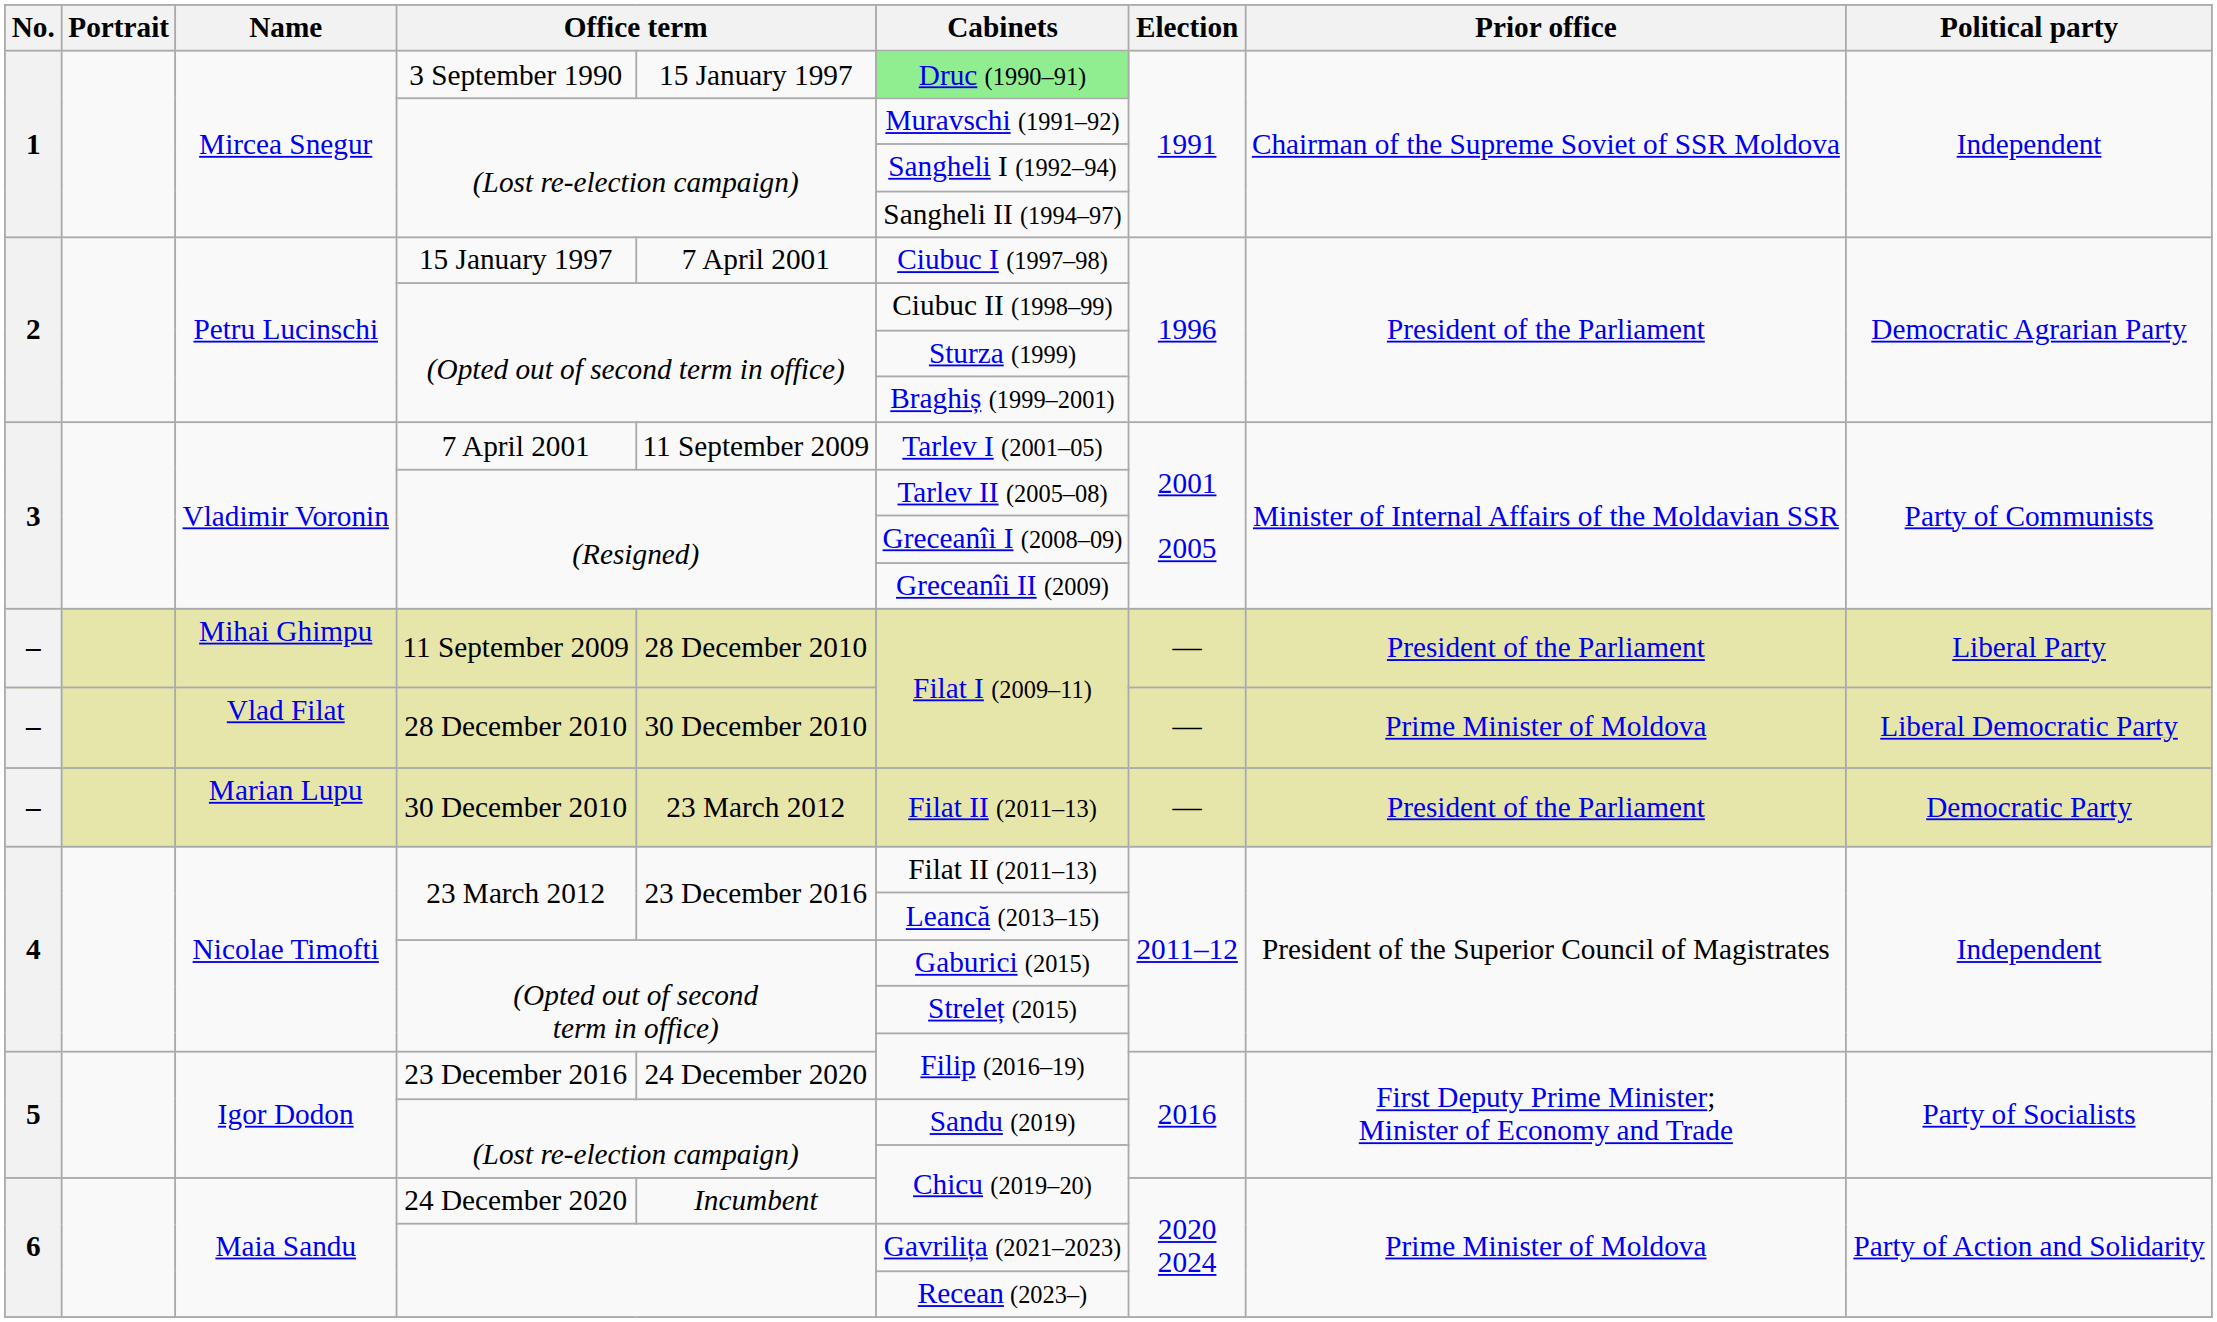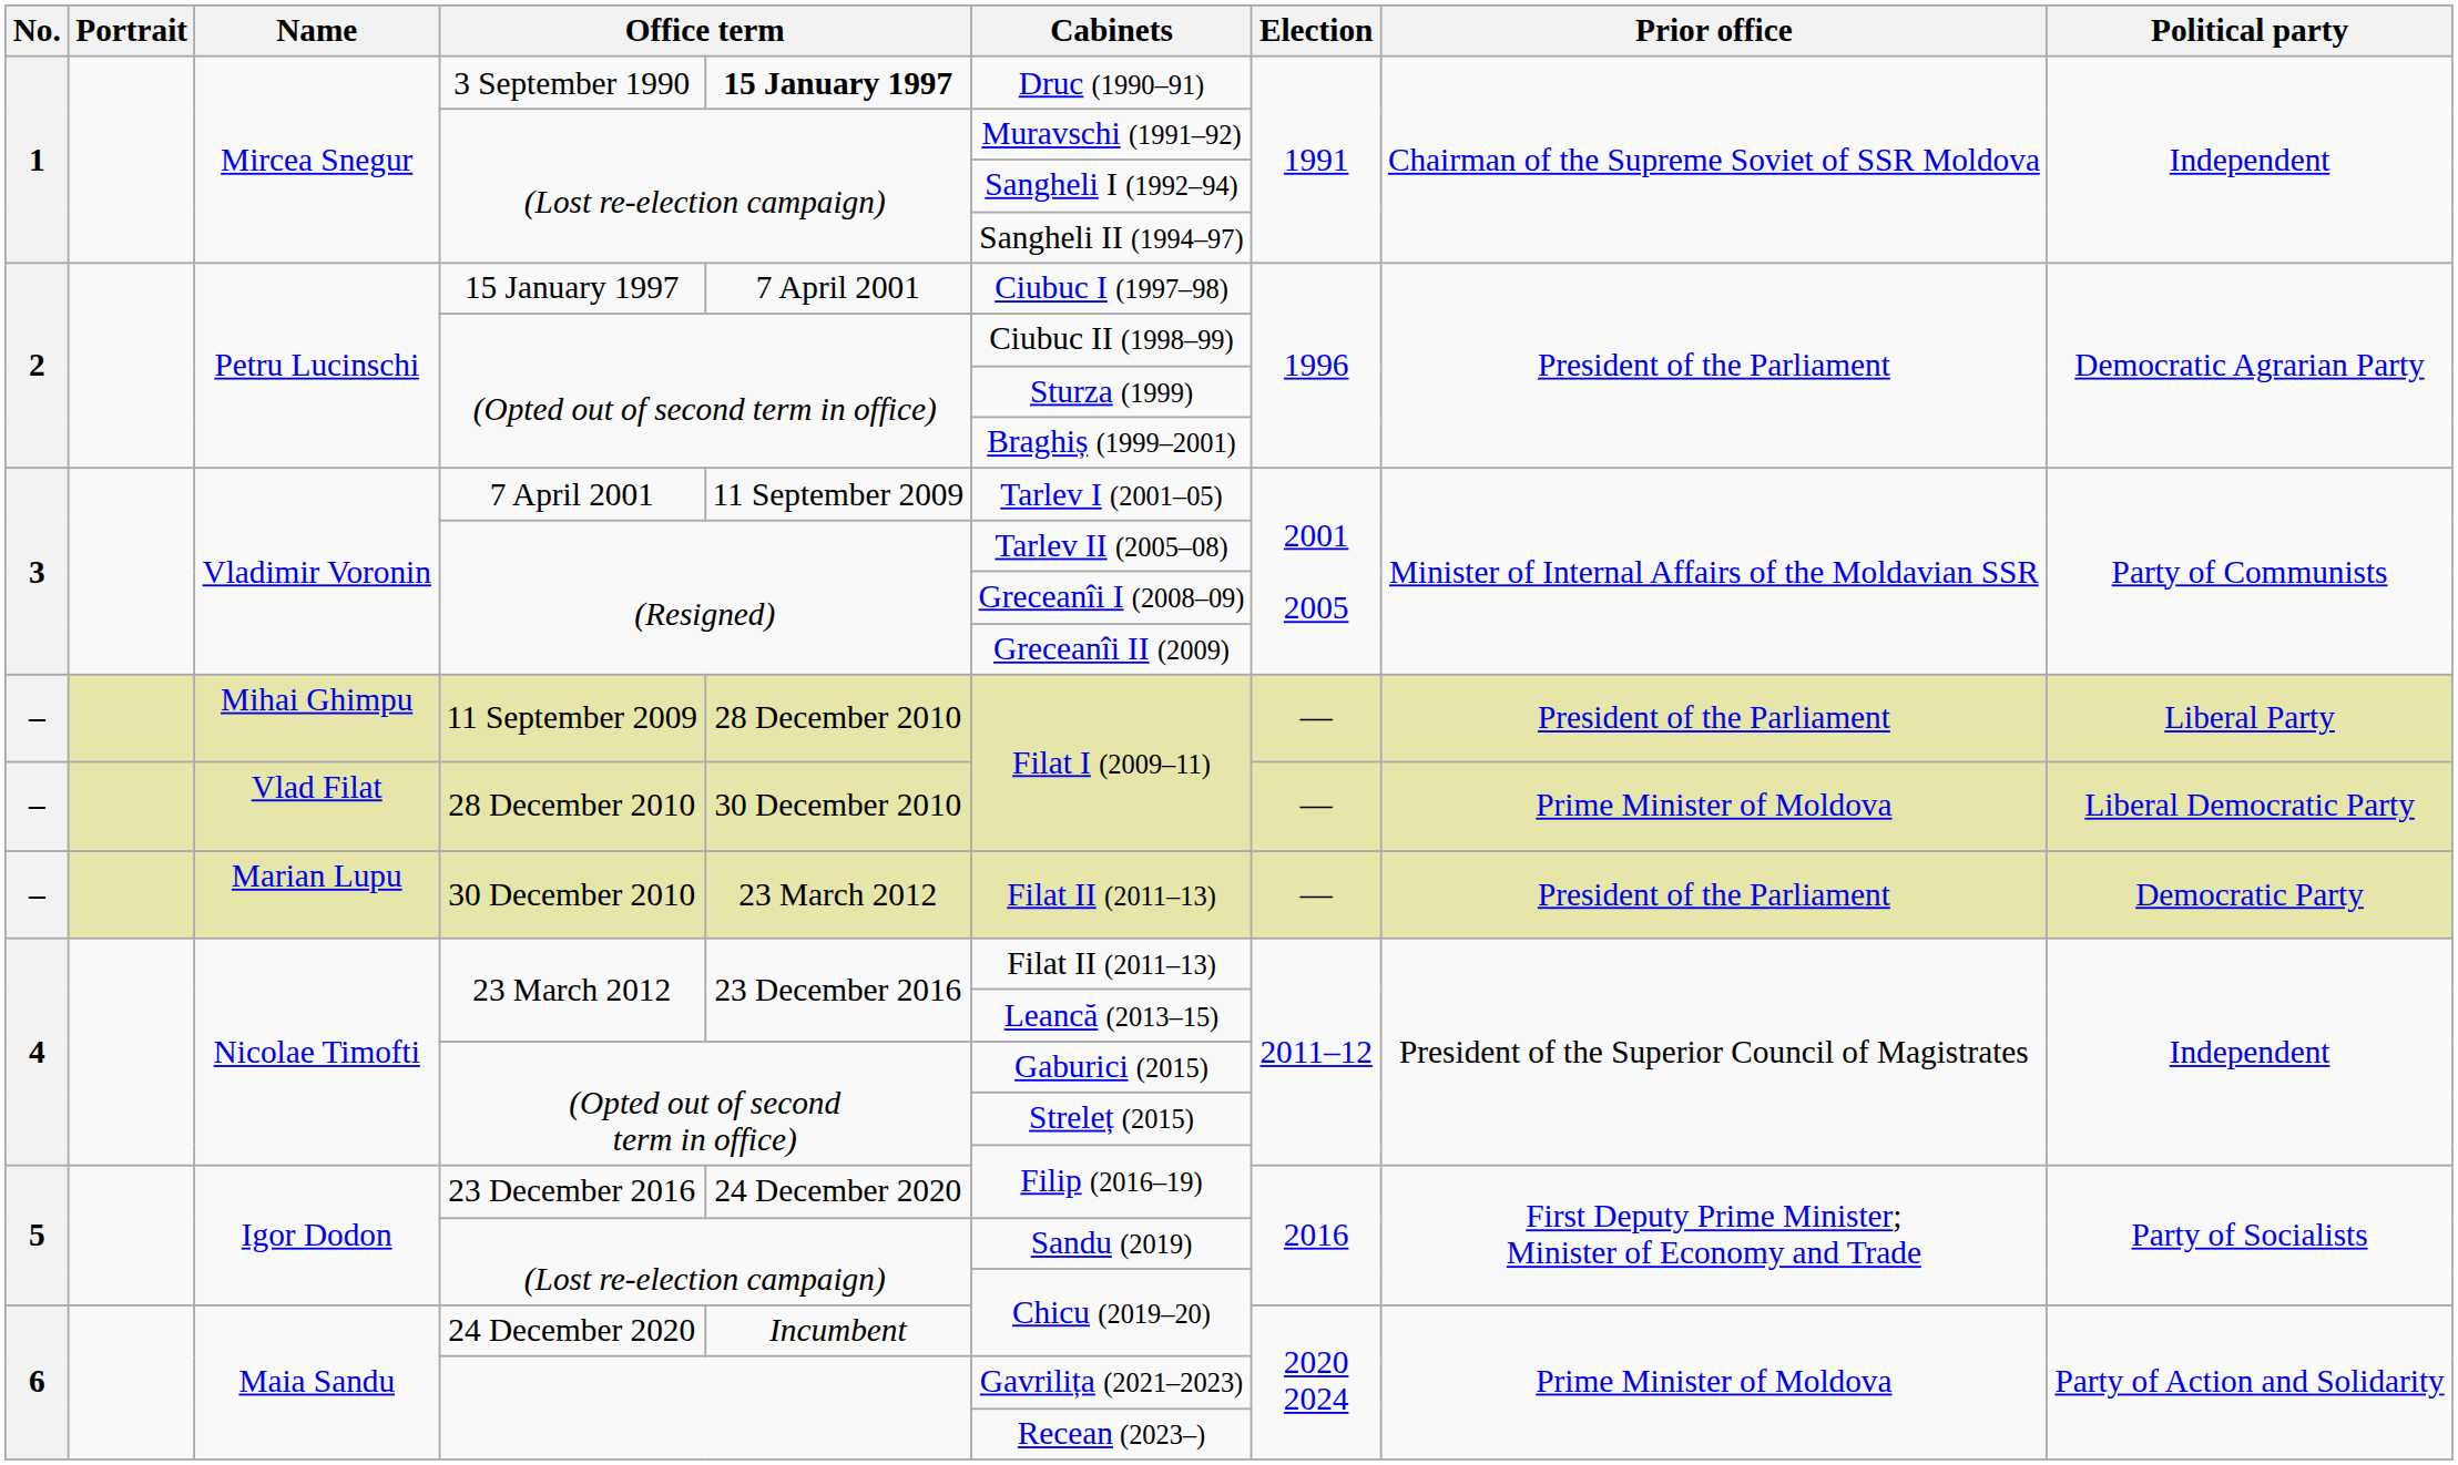 <table class="wikitable" style="text-align:center;">
 <tr>
 <th><strong>No.</strong></th>
 <th>Portrait</th>
 <th>Name<br></th>
 <th colspan="2">Office term</th>
 <th>Cabinets</th>
 <th>Election</th>
 <th>Prior office</th>
 <th>Political party</th>
 </tr>
 <tr>
 <th rowspan="4" style="background:">1</th>
 <td rowspan="4"></td>
 <td rowspan="4"><a href='#'>Mircea Snegur</a><br></td>
 <td>3 September 1990</td>
-<td>15 January 1997</td>
-<td style="background: lightgreen;"><a href='#'>Druc</a> <small>(1990–91)</small></td>
+<td><strong>15 January 1997</strong></td>
+<td><a href='#'>Druc</a> <small>(1990–91)</small></td>
 <td rowspan="4"><a href='#'>1991</a></td>
 <td rowspan="4"><a href='#'>Chairman of the Supreme Soviet of SSR Moldova</a></td>
 <td rowspan="4"><a href='#'>Independent</a></td>
 </tr>
 <tr>
 <td colspan="2" rowspan="3"><br><em>(Lost re-election campaign)</em></td>
 <td><a href='#'>Muravschi</a> <small>(1991–92)</small></td>
 </tr>
 <tr>
 <td><a href='#'>Sangheli</a> I <small>(1992–94)</small></td>
 </tr>
 <tr>
 <td>Sangheli II <small>(1994–97)</small></td>
 </tr>
 <tr>
 <th rowspan="4" style="background:">2</th>
 <td rowspan="4"></td>
 <td rowspan="4"><a href='#'>Petru Lucinschi</a><br></td>
 <td>15 January 1997</td>
 <td>7 April 2001</td>
 <td><a href='#'>Ciubuc I</a> <small>(1997–98)</small></td>
 <td rowspan="4"><a href='#'>1996</a></td>
 <td rowspan="4"><a href='#'>President of the Parliament</a></td>
 <td rowspan="4"><a href='#'>Democratic Agrarian Party</a></td>
 </tr>
 <tr>
 <td colspan="2" rowspan="3"><br><em>(Opted out of second term in office)</em></td>
 <td>Ciubuc II <small>(1998–99)</small></td>
 </tr>
 <tr>
 <td><a href='#'>Sturza</a> <small>(1999)</small></td>
 </tr>
 <tr>
 <td><a href='#'>Braghiș</a> <small>(1999–2001)</small></td>
 </tr>
 <tr>
 <th rowspan="4" style="background:">3</th>
 <td rowspan="4"></td>
 <td rowspan="4"><a href='#'>Vladimir Voronin</a><br></td>
 <td>7 April 2001</td>
 <td>11 September 2009</td>
 <td><a href='#'>Tarlev I</a> <small>(2001–05)</small></td>
 <td rowspan="4"><a href='#'>2001</a><br><br><a href='#'>2005</a><br></td>
 <td rowspan="4"><a href='#'>Minister of Internal Affairs of the Moldavian SSR</a></td>
 <td rowspan="4"><a href='#'>Party of Communists</a></td>
 </tr>
 <tr>
 <td colspan="2" rowspan="3"><br><em>(Resigned)</em></td>
 <td><a href='#'>Tarlev II</a> <small>(2005–08)</small></td>
 </tr>
 <tr>
 <td><a href='#'>Greceanîi I</a> <small>(2008–09)</small></td>
 </tr>
 <tr>
 <td><a href='#'>Greceanîi II</a> <small>(2009)</small></td>
 </tr>
 <tr bgcolor="E6E6AA">
 <th style="background:">–</th>
 <td></td>
 <td><a href='#'>Mihai Ghimpu</a><br><br></td>
 <td>11 September 2009</td>
 <td>28 December 2010</td>
 <td rowspan="2"><a href='#'>Filat I</a> <small>(2009–11)</small></td>
 <td>—</td>
 <td><a href='#'>President of the Parliament</a></td>
 <td><a href='#'>Liberal Party</a><br></td>
 </tr>
 <tr bgcolor="E6E6AA">
 <th style="background:">–</th>
 <td></td>
 <td><a href='#'>Vlad Filat</a><br><br></td>
 <td>28 December 2010</td>
 <td>30 December 2010</td>
 <td>—</td>
 <td><a href='#'>Prime Minister of Moldova</a></td>
 <td><a href='#'>Liberal Democratic Party</a><br></td>
 </tr>
 <tr bgcolor="E6E6AA">
 <th style="background:">–</th>
 <td></td>
 <td><a href='#'>Marian Lupu</a><br><br></td>
 <td>30 December 2010</td>
 <td>23 March 2012</td>
 <td><a href='#'>Filat II</a> <small>(2011–13)</small></td>
 <td>—</td>
 <td><a href='#'>President of the Parliament</a></td>
 <td><a href='#'>Democratic Party</a><br></td>
 </tr>
 <tr>
 <th rowspan="5">4</th>
 <td rowspan="5"></td>
 <td rowspan="5"><a href='#'>Nicolae Timofti</a><br></td>
 <td rowspan="2">23 March 2012</td>
 <td rowspan="2">23 December 2016</td>
 <td>Filat II <small>(2011–13)</small></td>
 <td rowspan="5"><a href='#'>2011–12</a><br></td>
 <td rowspan="5">President of the Superior Council of Magistrates</td>
 <td rowspan="5"><a href='#'>Independent</a><br></td>
 </tr>
 <tr>
 <td><a href='#'>Leancă</a> <small>(2013–15)</small></td>
 </tr>
 <tr>
 <td colspan="2" rowspan="3"><br><em>(Opted out of second</em><br><em>term in office)</em></td>
 <td><a href='#'>Gaburici</a> <small>(2015)</small></td>
 </tr>
 <tr>
 <td><a href='#'>Streleț</a> <small>(2015)</small></td>
 </tr>
 <tr>
 <td rowspan="2"><a href='#'>Filip</a> <small>(2016–19)</small></td>
 </tr>
 <tr>
 <th rowspan="3" style="background:">5</th>
 <td rowspan="3"></td>
 <td rowspan="3"><a href='#'>Igor Dodon</a><br></td>
 <td>23 December 2016</td>
 <td>24 December 2020</td>
 <td rowspan="3"><a href='#'>2016</a></td>
 <td rowspan="3"><a href='#'>First Deputy Prime Minister</a>;<br><a href='#'>Minister of Economy and Trade</a></td>
 <td rowspan="3"><a href='#'>Party of Socialists</a></td>
 </tr>
 <tr>
 <td colspan="2" rowspan="2"> <br><em>(Lost re-election campaign)</em></td>
 <td><a href='#'>Sandu</a> <small>(2019)</small></td>
 </tr>
 <tr>
 <td rowspan="2"><a href='#'>Chicu</a> <small>(2019–20)</small></td>
 </tr>
 <tr>
 <th rowspan="3" style="background:">6</th>
 <td rowspan="3"></td>
 <td rowspan="3"><a href='#'>Maia Sandu</a><br></td>
 <td>24 December 2020</td>
 <td><em>Incumbent</em></td>
 <td rowspan="3"><a href='#'>2020</a><br><a href='#'>2024</a></td>
 <td rowspan="3"><a href='#'>Prime Minister of Moldova</a></td>
 <td rowspan="3"><a href='#'>Party of Action and Solidarity</a></td>
 </tr>
 <tr>
 <td colspan="2" rowspan="2"></td>
 <td><a href='#'>Gavrilița</a> <small>(2021–2023)</small></td>
 </tr>
 <tr>
 <td><a href='#'>Recean</a><small> (2023–)</small></td>
 </tr>
 </table>
